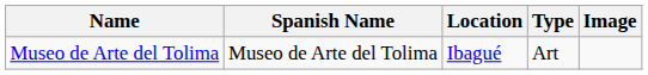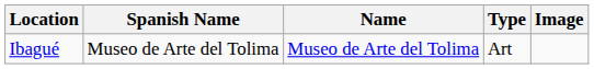 <table class="wikitable sortable">
 <tr>
+<th>Location</th>
+<th>Spanish Name</th>
 <th>Name</th>
-<th>Spanish Name</th>
-<th>Location</th>
 <th>Type</th>
 <th>Image</th>
 </tr>
 <tr>
+<td><a href='#'>Ibagué</a></td>
+<td>Museo de Arte del Tolima</td>
 <td><a href='#'>Museo de Arte del Tolima</a></td>
-<td>Museo de Arte del Tolima</td>
-<td><a href='#'>Ibagué</a></td>
 <td>Art</td>
 <td></td>
 </tr>
 </table>
